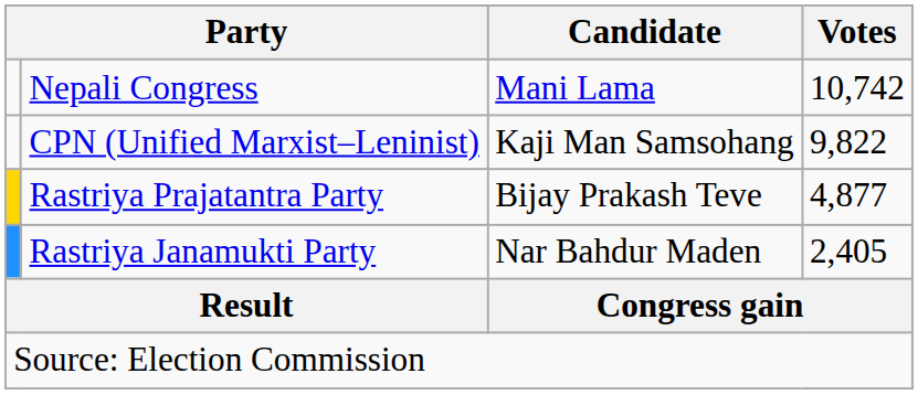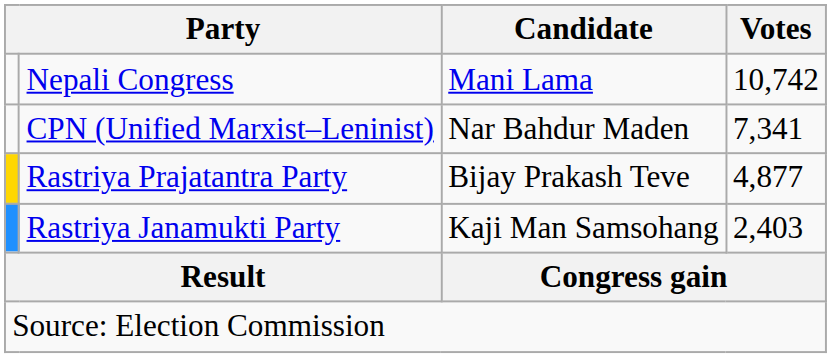 <table class="wikitable">
 <tr>
 <th colspan="2">Party</th>
 <th>Candidate</th>
 <th>Votes</th>
 </tr>
 <tr>
 <td style="background-color:"></td>
 <td><a href='#'>Nepali Congress</a></td>
 <td><a href='#'>Mani Lama</a></td>
 <td>10,742</td>
 </tr>
 <tr>
 <td style="background-color:"></td>
 <td><a href='#'>CPN (Unified Marxist–Leninist)</a></td>
-<td>Kaji Man Samsohang</td>
-<td>9,822</td>
+<td>Nar Bahdur Maden</td>
+<td>7,341</td>
 </tr>
 <tr>
 <td style="background-color:gold"></td>
 <td><a href='#'>Rastriya Prajatantra Party</a></td>
 <td>Bijay Prakash Teve</td>
 <td>4,877</td>
 </tr>
 <tr>
 <td style="background-color:dodgerblue"></td>
 <td><a href='#'>Rastriya Janamukti Party</a></td>
-<td>Nar Bahdur Maden</td>
-<td>2,405</td>
+<td>Kaji Man Samsohang</td>
+<td>2,403</td>
 </tr>
 <tr>
 <th colspan="2">Result</th>
 <th colspan="2">Congress gain</th>
 </tr>
 <tr>
 <td colspan="4">Source: Election Commission</td>
 </tr>
 </table>
